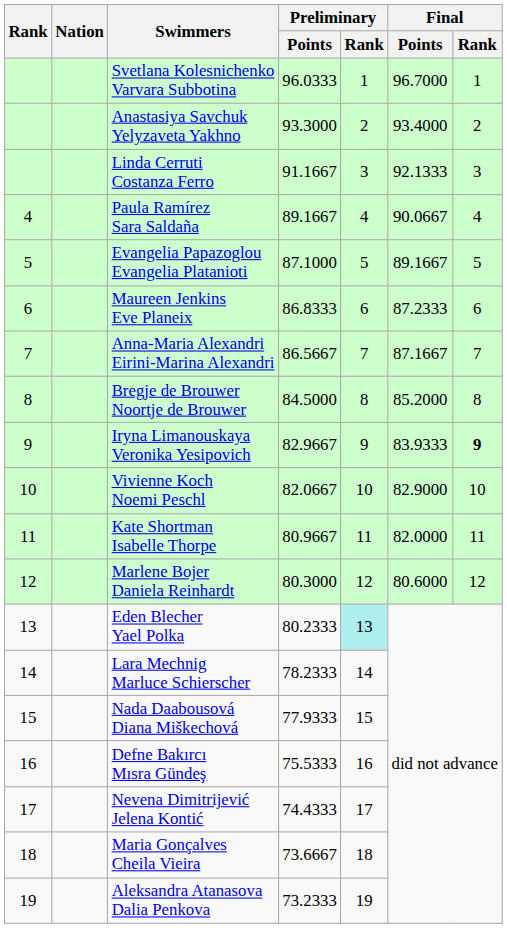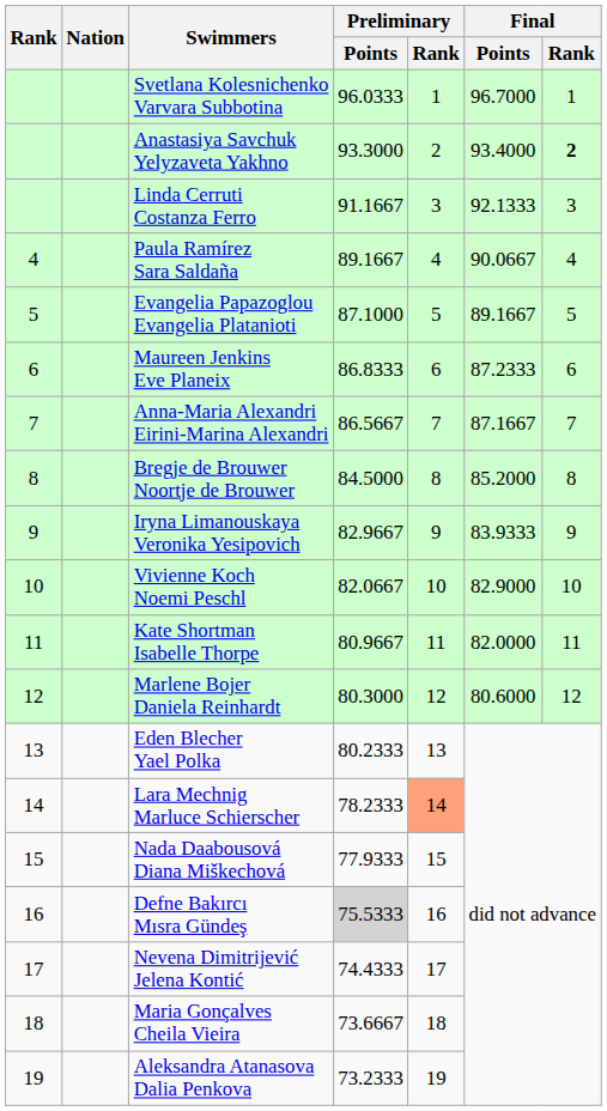 <table class="wikitable sortable" style="text-align:center">
 <tr>
 <th rowspan=2>Rank</th>
 <th rowspan=2>Nation</th>
 <th rowspan=2>Swimmers</th>
 <th colspan=2>Preliminary</th>
 <th colspan=2>Final</th>
 </tr>
 <tr>
 <th>Points</th>
 <th>Rank</th>
 <th>Points</th>
 <th>Rank</th>
 </tr>
 <tr bgcolor=ccffcc>
 <td></td>
 <td align=left></td>
 <td align=left><a href='#'>Svetlana Kolesnichenko</a><br><a href='#'>Varvara Subbotina</a></td>
 <td>96.0333</td>
 <td>1</td>
 <td>96.7000</td>
 <td>1</td>
 </tr>
 <tr bgcolor=ccffcc>
 <td></td>
 <td align=left></td>
 <td align=left><a href='#'>Anastasiya Savchuk</a><br><a href='#'>Yelyzaveta Yakhno</a></td>
 <td>93.3000</td>
 <td>2</td>
 <td>93.4000</td>
-<td>2</td>
+<td><strong>2</strong></td>
 </tr>
 <tr bgcolor=ccffcc>
 <td></td>
 <td align=left></td>
 <td align=left><a href='#'>Linda Cerruti</a><br><a href='#'>Costanza Ferro</a></td>
 <td>91.1667</td>
 <td>3</td>
 <td>92.1333</td>
 <td>3</td>
 </tr>
 <tr bgcolor=ccffcc>
 <td>4</td>
 <td align=left></td>
 <td align=left><a href='#'>Paula Ramírez</a><br><a href='#'>Sara Saldaña</a></td>
 <td>89.1667</td>
 <td>4</td>
 <td>90.0667</td>
 <td>4</td>
 </tr>
 <tr bgcolor=ccffcc>
 <td>5</td>
 <td align=left></td>
 <td align=left><a href='#'>Evangelia Papazoglou</a><br><a href='#'>Evangelia Platanioti</a></td>
 <td>87.1000</td>
 <td>5</td>
 <td>89.1667</td>
 <td>5</td>
 </tr>
 <tr bgcolor=ccffcc>
 <td>6</td>
 <td align=left></td>
 <td align=left><a href='#'>Maureen Jenkins</a><br><a href='#'>Eve Planeix</a></td>
 <td>86.8333</td>
 <td>6</td>
 <td>87.2333</td>
 <td>6</td>
 </tr>
 <tr bgcolor=ccffcc>
 <td>7</td>
 <td align=left></td>
 <td align=left><a href='#'>Anna-Maria Alexandri</a><br><a href='#'>Eirini-Marina Alexandri</a></td>
 <td>86.5667</td>
 <td>7</td>
 <td>87.1667</td>
 <td>7</td>
 </tr>
 <tr bgcolor=ccffcc>
 <td>8</td>
 <td align=left></td>
 <td align=left><a href='#'>Bregje de Brouwer</a><br><a href='#'>Noortje de Brouwer</a></td>
 <td>84.5000</td>
 <td>8</td>
 <td>85.2000</td>
 <td>8</td>
 </tr>
 <tr bgcolor=ccffcc>
 <td>9</td>
 <td align=left></td>
 <td align=left><a href='#'>Iryna Limanouskaya</a><br><a href='#'>Veronika Yesipovich</a></td>
 <td>82.9667</td>
 <td>9</td>
 <td>83.9333</td>
-<td><strong>9</strong></td>
+<td>9</td>
 </tr>
 <tr bgcolor=ccffcc>
 <td>10</td>
 <td align=left></td>
 <td align=left><a href='#'>Vivienne Koch</a><br><a href='#'>Noemi Peschl</a></td>
 <td>82.0667</td>
 <td>10</td>
 <td>82.9000</td>
 <td>10</td>
 </tr>
 <tr bgcolor=ccffcc>
 <td>11</td>
 <td align=left></td>
 <td align=left><a href='#'>Kate Shortman</a><br><a href='#'>Isabelle Thorpe</a></td>
 <td>80.9667</td>
 <td>11</td>
 <td>82.0000</td>
 <td>11</td>
 </tr>
 <tr bgcolor=ccffcc>
 <td>12</td>
 <td align=left></td>
 <td align=left><a href='#'>Marlene Bojer</a><br><a href='#'>Daniela Reinhardt</a></td>
 <td>80.3000</td>
 <td>12</td>
 <td>80.6000</td>
 <td>12</td>
 </tr>
 <tr>
 <td>13</td>
 <td align=left></td>
 <td align=left><a href='#'>Eden Blecher</a><br><a href='#'>Yael Polka</a></td>
 <td>80.2333</td>
-<td style="background: paleturquoise;">13</td>
+<td>13</td>
 <td colspan=2 rowspan=7>did not advance</td>
 </tr>
 <tr>
 <td>14</td>
 <td align=left></td>
 <td align=left><a href='#'>Lara Mechnig</a><br><a href='#'>Marluce Schierscher</a></td>
 <td>78.2333</td>
-<td>14</td>
+<td style="background: lightsalmon;">14</td>
 </tr>
 <tr>
 <td>15</td>
 <td align=left></td>
 <td align=left><a href='#'>Nada Daabousová</a><br><a href='#'>Diana Miškechová</a></td>
 <td>77.9333</td>
 <td>15</td>
 </tr>
 <tr>
 <td>16</td>
 <td align=left></td>
 <td align=left><a href='#'>Defne Bakırcı</a><br><a href='#'>Mısra Gündeş</a></td>
-<td>75.5333</td>
+<td style="background: lightgrey;">75.5333</td>
 <td>16</td>
 </tr>
 <tr>
 <td>17</td>
 <td align=left></td>
 <td align=left><a href='#'>Nevena Dimitrijević</a><br><a href='#'>Jelena Kontić</a></td>
 <td>74.4333</td>
 <td>17</td>
 </tr>
 <tr>
 <td>18</td>
 <td align=left></td>
 <td align=left><a href='#'>Maria Gonçalves</a><br><a href='#'>Cheila Vieira</a></td>
 <td>73.6667</td>
 <td>18</td>
 </tr>
 <tr>
 <td>19</td>
 <td align=left></td>
 <td align=left><a href='#'>Aleksandra Atanasova</a><br><a href='#'>Dalia Penkova</a></td>
 <td>73.2333</td>
 <td>19</td>
 </tr>
 </table>
